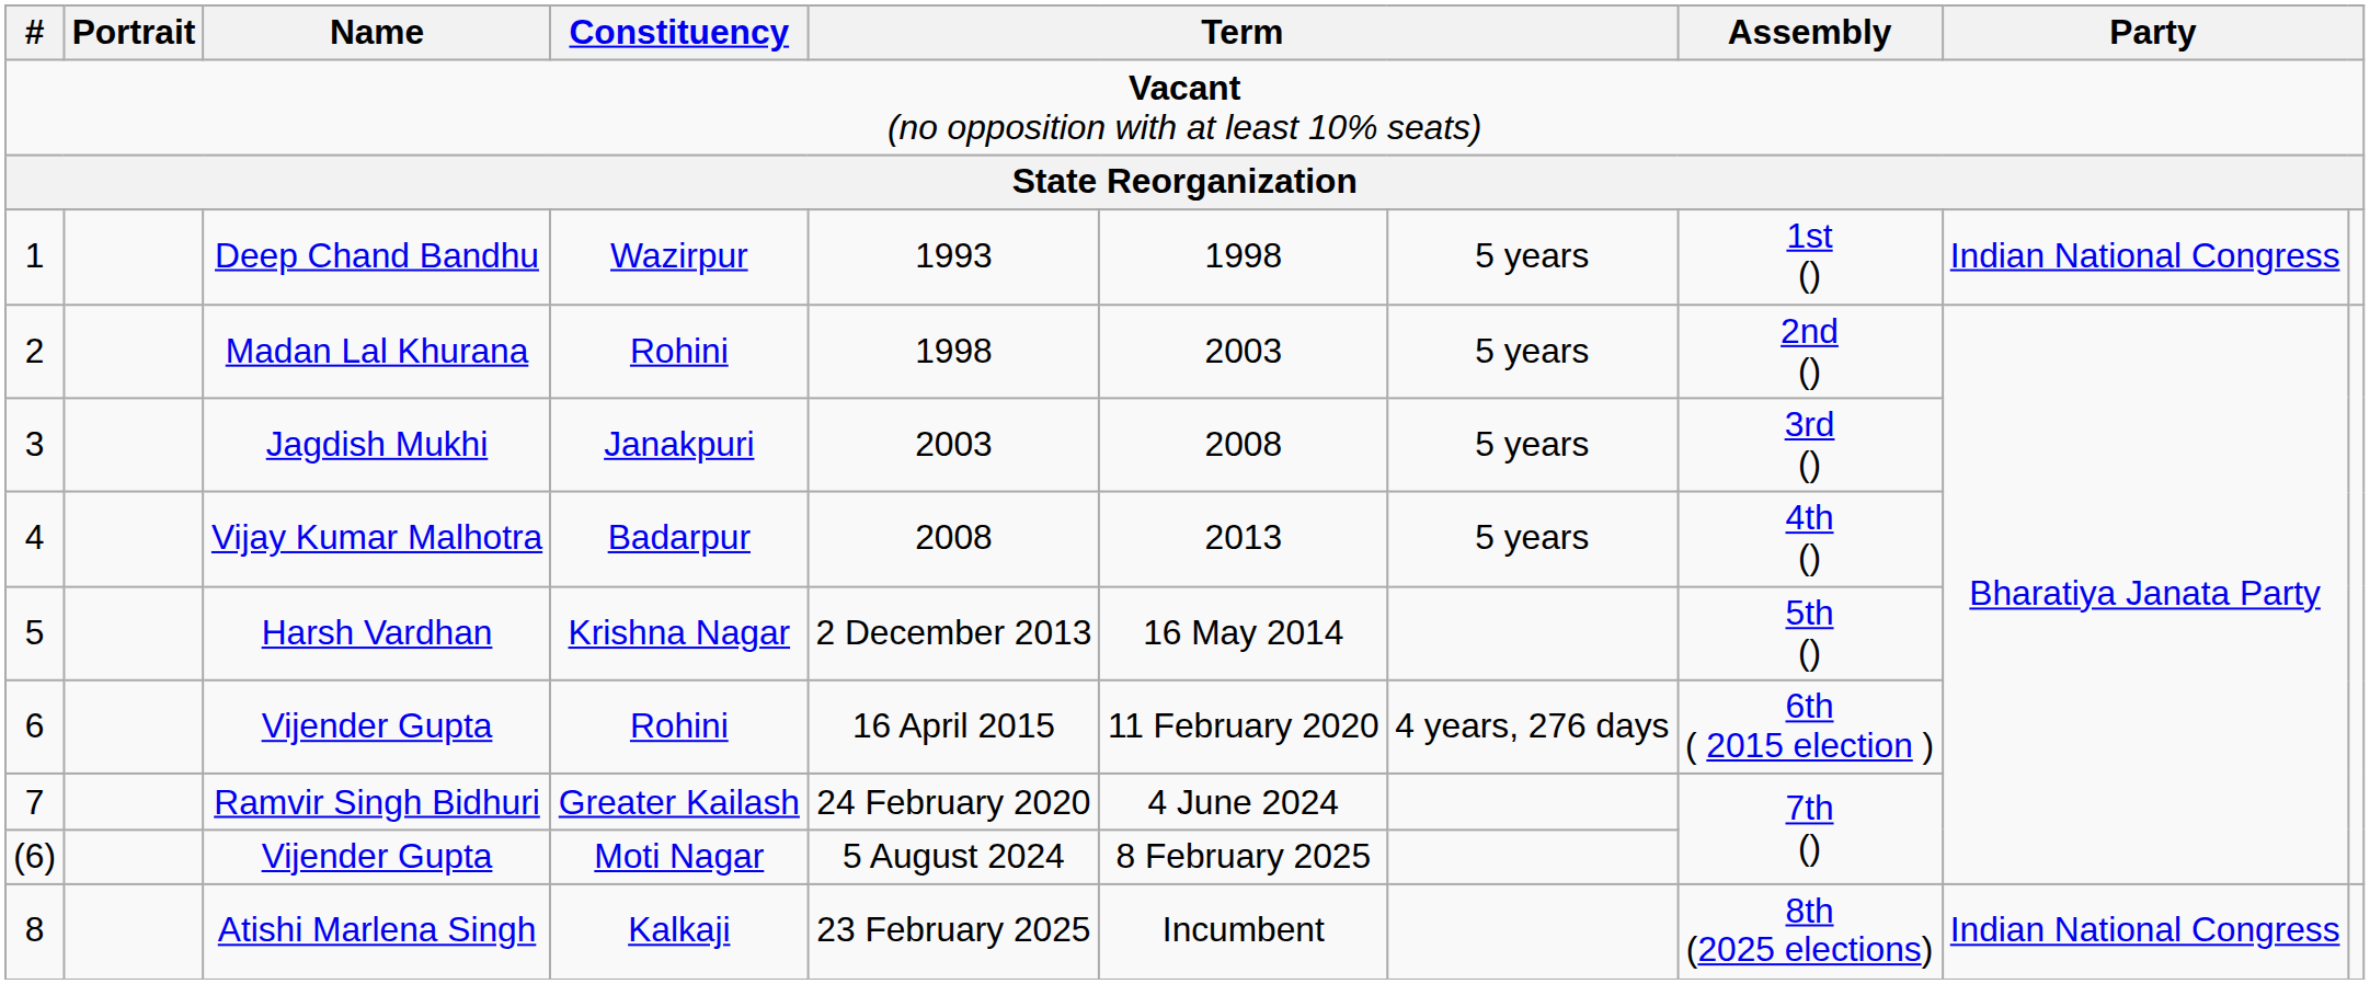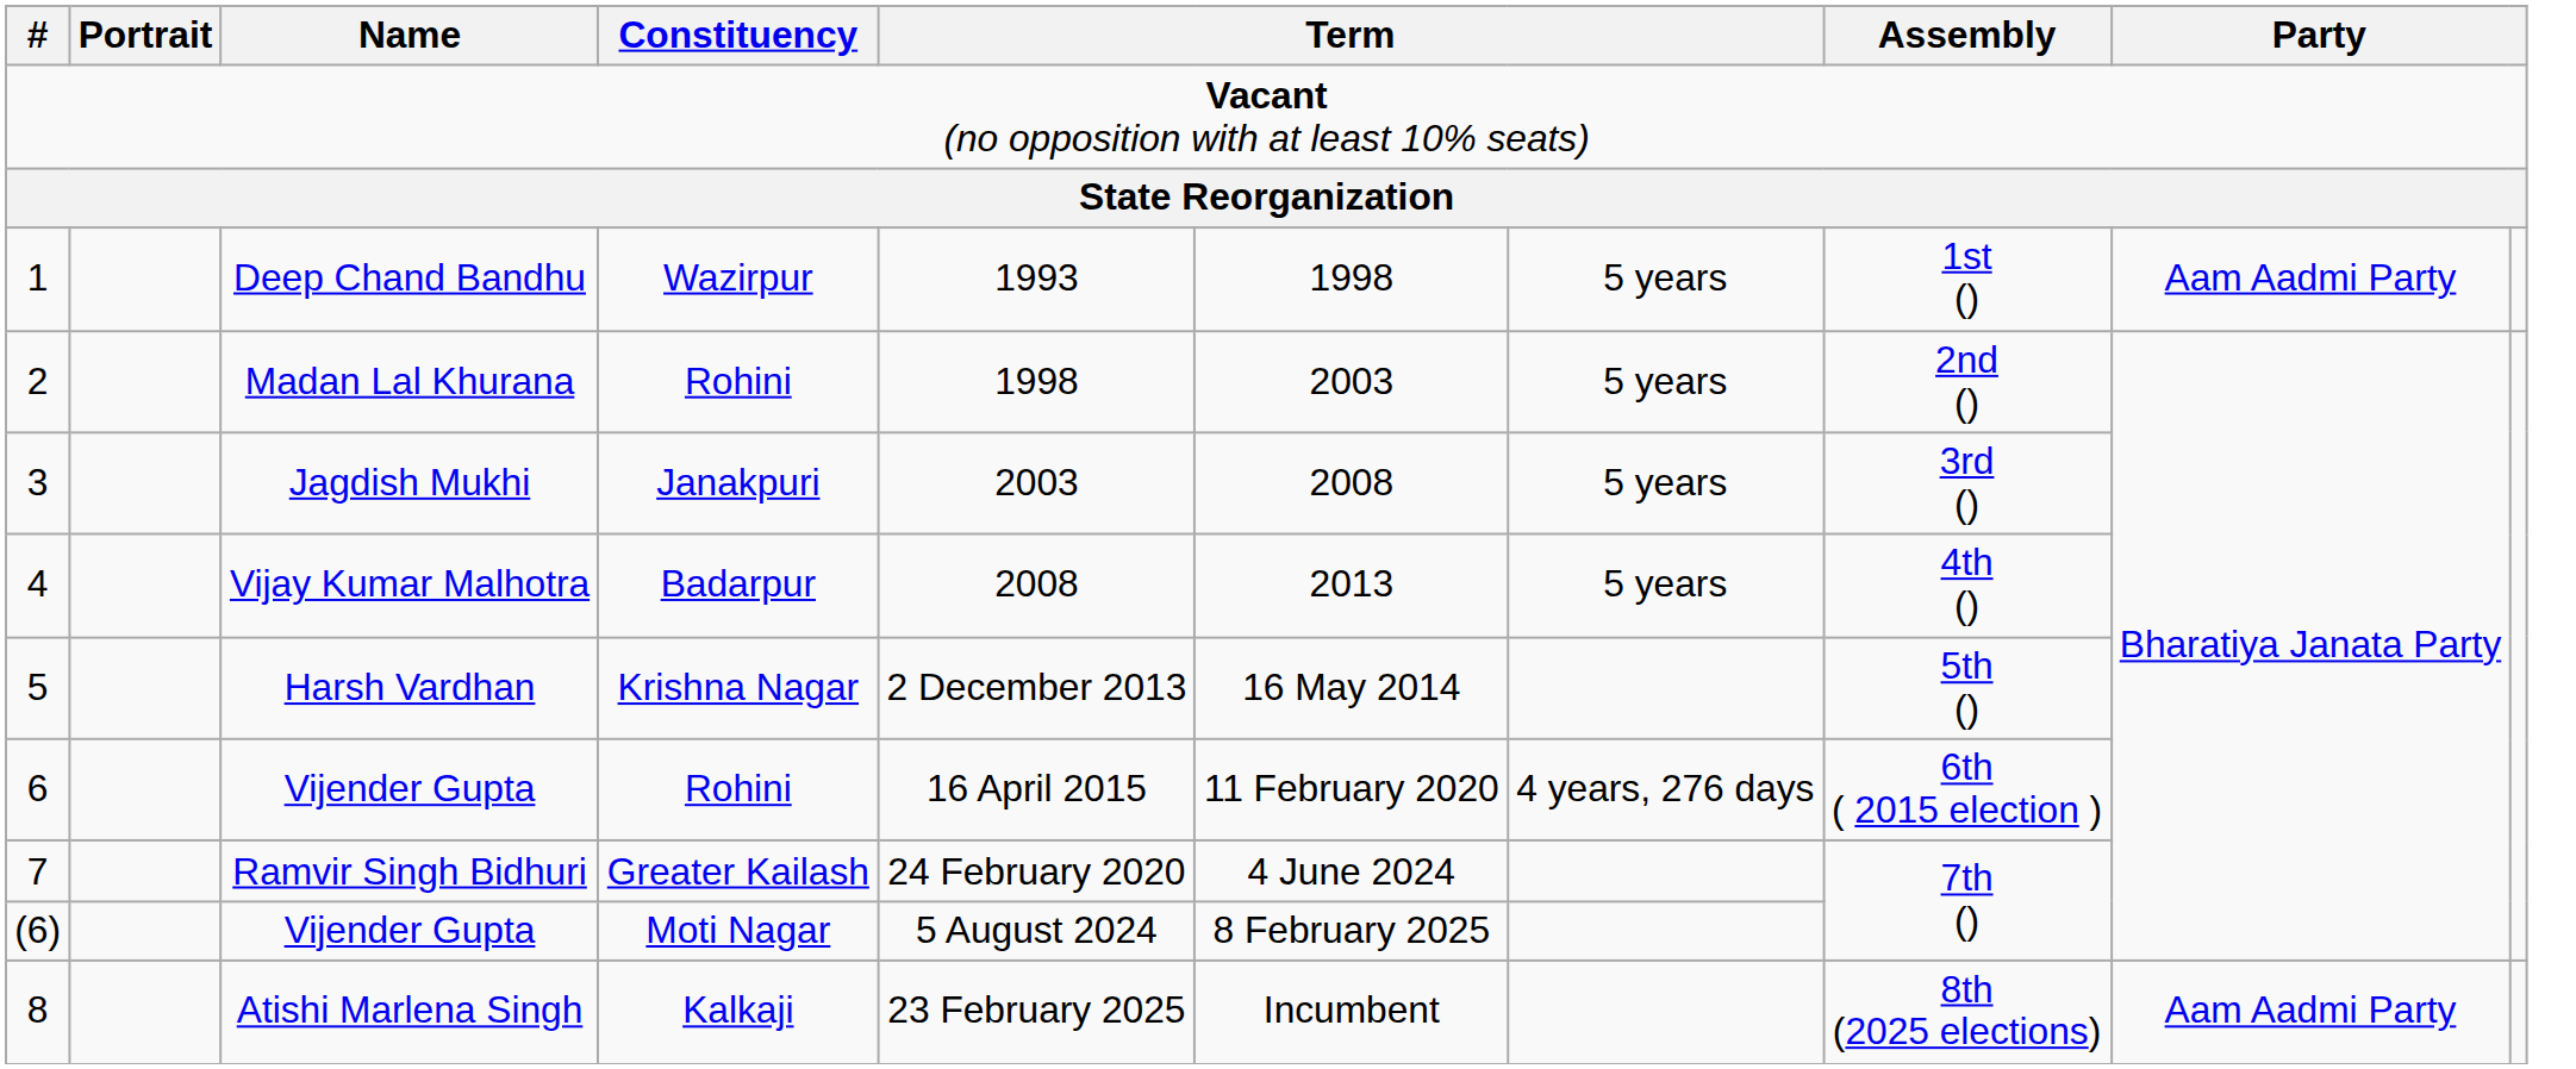 <table class="wikitable" style="text-align:center;">
 <tr>
 <th>#</th>
 <th>Portrait</th>
 <th>Name</th>
 <th><a href='#'>Constituency</a></th>
 <th colspan="3">Term</th>
 <th>Assembly<br></th>
 <th colspan="2">Party</th>
 </tr>
 <tr>
 <td colspan="10"><strong>Vacant</strong><br><em>(no opposition with at least 10% seats)</em></td>
 </tr>
 <tr>
 <th colspan="10">State Reorganization</th>
 </tr>
 <tr>
 <td>1</td>
 <td></td>
 <td><a href='#'>Deep Chand Bandhu</a></td>
 <td><a href='#'>Wazirpur</a></td>
 <td>1993</td>
 <td>1998</td>
 <td>5 years</td>
 <td><a href='#'>1st</a><br>()</td>
-<td><a href='#'>Indian National Congress</a></td>
+<td><a href='#'>Aam Aadmi Party</a></td>
 <td style="background-color: "></td>
 </tr>
 <tr>
 <td>2</td>
 <td></td>
 <td><a href='#'>Madan Lal Khurana</a></td>
 <td><a href='#'>Rohini</a></td>
 <td>1998</td>
 <td>2003</td>
 <td>5 years</td>
 <td><a href='#'>2nd</a><br>()</td>
 <td rowspan="7"><a href='#'>Bharatiya Janata Party</a></td>
 <td rowspan="7" style="background-color: "></td>
 </tr>
 <tr>
 <td>3</td>
 <td></td>
 <td><a href='#'>Jagdish Mukhi</a></td>
 <td><a href='#'>Janakpuri</a></td>
 <td>2003</td>
 <td>2008</td>
 <td>5 years</td>
 <td><a href='#'>3rd</a><br>()</td>
 </tr>
 <tr>
 <td>4</td>
 <td></td>
 <td><a href='#'>Vijay Kumar Malhotra</a></td>
 <td><a href='#'>Badarpur</a></td>
 <td>2008</td>
 <td>2013</td>
 <td>5 years</td>
 <td><a href='#'>4th</a><br>()</td>
 </tr>
 <tr>
 <td>5</td>
 <td></td>
 <td><a href='#'>Harsh Vardhan</a></td>
 <td><a href='#'>Krishna Nagar</a></td>
 <td>2 December 2013</td>
 <td>16 May 2014</td>
 <td></td>
 <td><a href='#'>5th</a><br>()</td>
 </tr>
 <tr>
 <td>6</td>
 <td></td>
 <td><a href='#'>Vijender Gupta</a></td>
 <td><a href='#'>Rohini</a></td>
 <td>16 April 2015</td>
 <td>11 February 2020</td>
 <td>4 years, 276 days</td>
 <td><a href='#'>6th</a><br>( <a href='#'>2015 election</a> )</td>
 </tr>
 <tr>
 <td>7</td>
 <td></td>
 <td><a href='#'>Ramvir Singh Bidhuri</a></td>
 <td><a href='#'>Greater Kailash</a></td>
 <td>24 February 2020</td>
 <td>4 June 2024</td>
 <td></td>
 <td rowspan="2"><a href='#'>7th</a><br>()</td>
 </tr>
 <tr>
 <td>(6)</td>
 <td></td>
 <td><a href='#'>Vijender Gupta</a></td>
 <td><a href='#'>Moti Nagar</a></td>
 <td>5 August 2024</td>
 <td>8 February 2025</td>
 <td></td>
 </tr>
 <tr>
 <td>8</td>
 <td></td>
 <td><a href='#'>Atishi Marlena Singh</a></td>
 <td><a href='#'>Kalkaji</a></td>
 <td>23 February 2025</td>
 <td>Incumbent</td>
 <td></td>
 <td><a href='#'>8th</a><br>(<a href='#'>2025 elections</a>)</td>
-<td><a href='#'>Indian National Congress</a></td>
+<td><a href='#'>Aam Aadmi Party</a></td>
 <td style="background-color: "></td>
 </tr>
 </table>
